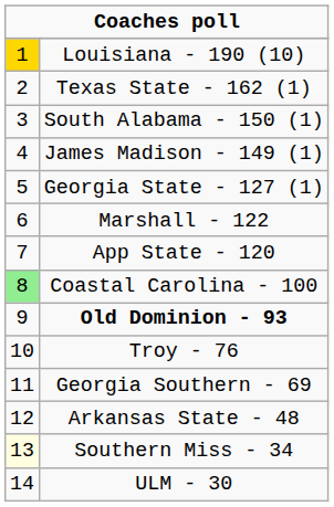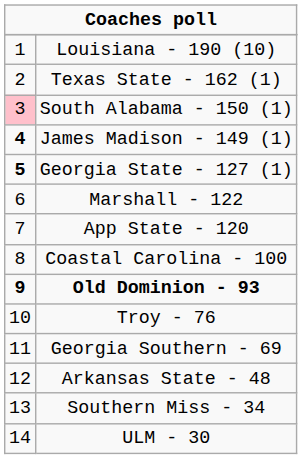 <table class="wikitable" style="display: inline-table;">
 <tr>
 <td align="center" Colspan="3"><strong>Coaches poll</strong></td>
 </tr>
 <tr align="center">
 </tr>
 <tr align="center">
-<td style="background: gold;">1</td>
+<td>1</td>
 <td>Louisiana - 190 (10)</td>
 </tr>
 <tr align="center">
 <td>2</td>
 <td>Texas State - 162 (1)</td>
 </tr>
 <tr align="center">
-<td>3</td>
+<td style="background: pink;">3</td>
 <td>South Alabama - 150 (1)</td>
 </tr>
 <tr align="center">
-<td>4</td>
+<td><strong>4</strong></td>
 <td>James Madison - 149 (1)</td>
 </tr>
 <tr align="center">
-<td>5</td>
+<td><strong>5</strong></td>
 <td>Georgia State - 127 (1)</td>
 </tr>
 <tr align="center">
 <td>6</td>
 <td>Marshall - 122</td>
 </tr>
 <tr align="center">
 <td>7</td>
 <td>App State - 120</td>
 </tr>
 <tr align="center">
-<td style="background: lightgreen;">8</td>
+<td>8</td>
 <td>Coastal Carolina - 100</td>
 </tr>
 <tr align="center">
-<td>9</td>
+<td><strong>9</strong></td>
 <td><strong>Old Dominion - 93</strong></td>
 </tr>
 <tr align="center">
 <td>10</td>
 <td>Troy - 76</td>
 </tr>
 <tr align="center">
 <td>11</td>
 <td>Georgia Southern - 69</td>
 </tr>
 <tr align="center">
 <td>12</td>
 <td>Arkansas State - 48</td>
 </tr>
 <tr align="center">
-<td style="background: lightyellow;">13</td>
+<td>13</td>
 <td>Southern Miss - 34</td>
 </tr>
 <tr align="center">
 <td>14</td>
 <td>ULM - 30</td>
 </tr>
 </table>
